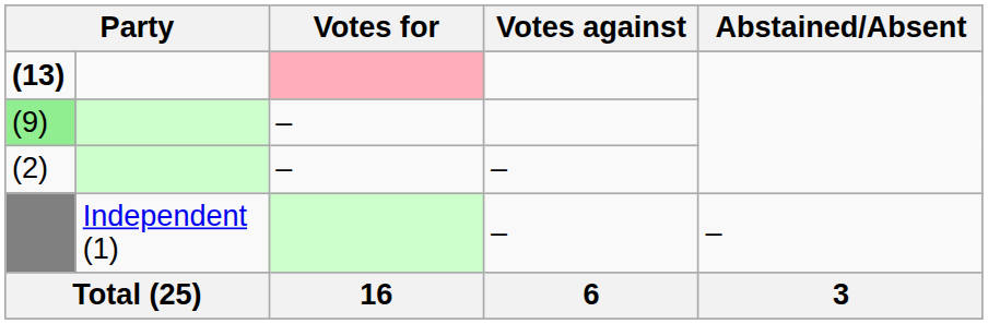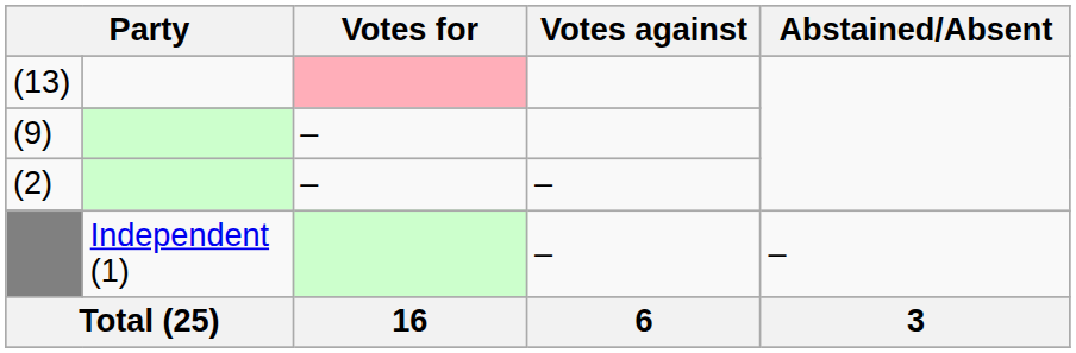 <table class="wikitable" style="width:60%">
 <tr>
 <th style="width:20%;" colspan="2">Party</th>
 <th style="width:20%;">Votes for</th>
 <th style="width:20%;">Votes against</th>
 <th style="width:20%;">Abstained/Absent</th>
 </tr>
 <tr>
-<td><strong> (13)</strong></td>
+<td> (13)</td>
 <td></td>
 <td style="background-color:#FFAEB9;"></td>
 <td></td>
 </tr>
 <tr>
-<td style="background: lightgreen;"> (9)</td>
+<td> (9)</td>
 <td style="background-color:#CCFFCC;"></td>
 <td>–</td>
 <td></td>
 </tr>
 <tr>
 <td> (2)</td>
 <td style="background-color:#CCFFCC;"></td>
 <td>–</td>
 <td>–</td>
 </tr>
 <tr>
 <td style="background:grey;"></td>
 <td align=left><a href='#'>Independent</a> (1)</td>
 <td style="background-color:#CCFFCC;"></td>
 <td>–</td>
 <td>–</td>
 </tr>
 <tr>
 <th colspan=2>Total (25)</th>
 <th>16</th>
 <th>6</th>
 <th>3</th>
 </tr>
 </table>
